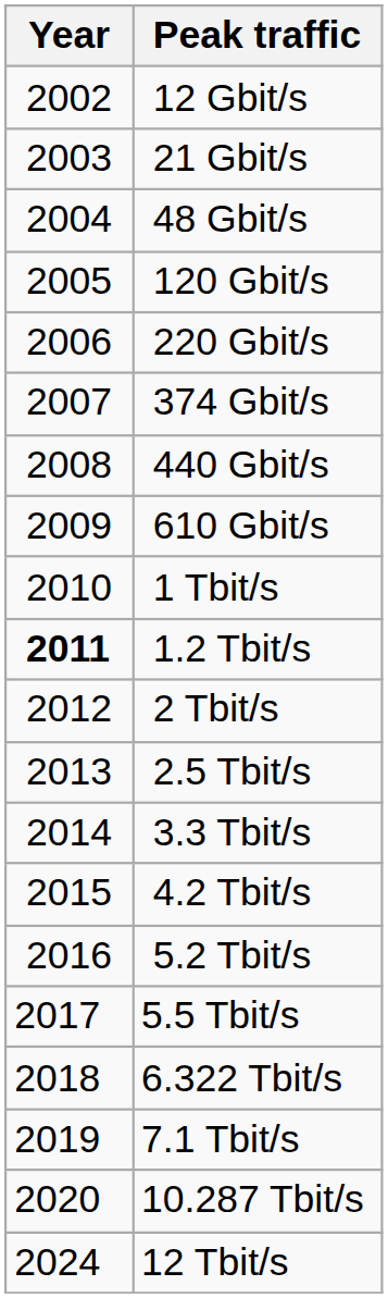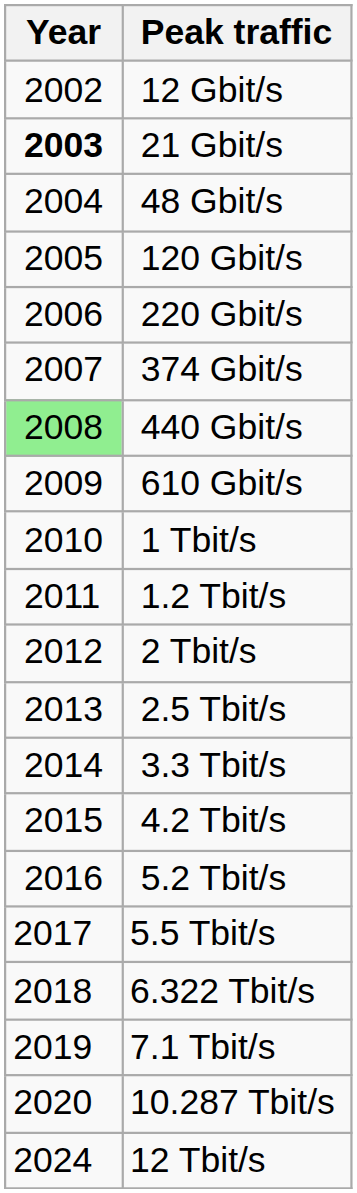 <table class="wikitable">
 <tr>
 <th style="padding-left: 0.5em; padding-right: 0.5em;">Year</th>
 <th style="padding-left: 0.5em; padding-right: 0.5em;">Peak traffic</th>
 </tr>
 <tr>
 <td style="padding-left: 0.5em; padding-right: 0.5em;">2002</td>
 <td style="padding-left: 0.5em; padding-right: 0.5em;">12 Gbit/s</td>
 </tr>
 <tr>
-<td style="padding-left: 0.5em; padding-right: 0.5em;">2003</td>
+<td style="padding-left: 0.5em; padding-right: 0.5em;"><strong>2003</strong></td>
 <td style="padding-left: 0.5em; padding-right: 0.5em;">21 Gbit/s</td>
 </tr>
 <tr>
 <td style="padding-left: 0.5em; padding-right: 0.5em;">2004</td>
 <td style="padding-left: 0.5em; padding-right: 0.5em;">48 Gbit/s</td>
 </tr>
 <tr>
 <td style="padding-left: 0.5em; padding-right: 0.5em;">2005</td>
 <td style="padding-left: 0.5em; padding-right: 0.5em;">120 Gbit/s</td>
 </tr>
 <tr>
 <td style="padding-left: 0.5em; padding-right: 0.5em;">2006</td>
 <td style="padding-left: 0.5em; padding-right: 0.5em;">220 Gbit/s</td>
 </tr>
 <tr>
 <td style="padding-left: 0.5em; padding-right: 0.5em;">2007</td>
 <td style="padding-left: 0.5em; padding-right: 0.5em;">374 Gbit/s</td>
 </tr>
 <tr>
-<td style="padding-left: 0.5em; padding-right: 0.5em;">2008</td>
+<td style="background: lightgreen; padding-left: 0.5em; padding-right: 0.5em;">2008</td>
 <td style="padding-left: 0.5em; padding-right: 0.5em;">440 Gbit/s</td>
 </tr>
 <tr>
 <td style="padding-left: 0.5em; padding-right: 0.5em;">2009</td>
 <td style="padding-left: 0.5em; padding-right: 0.5em;">610 Gbit/s</td>
 </tr>
 <tr>
 <td style="padding-left: 0.5em; padding-right: 0.5em;">2010</td>
 <td style="padding-left: 0.5em; padding-right: 0.5em;">1 Tbit/s</td>
 </tr>
 <tr>
-<td style="padding-left: 0.5em; padding-right: 0.5em;"><strong>2011</strong></td>
+<td style="padding-left: 0.5em; padding-right: 0.5em;">2011</td>
 <td style="padding-left: 0.5em; padding-right: 0.5em;">1.2 Tbit/s</td>
 </tr>
 <tr>
 <td style="padding-left: 0.5em; padding-right: 0.5em;">2012</td>
 <td style="padding-left: 0.5em; padding-right: 0.5em;">2 Tbit/s</td>
 </tr>
 <tr>
 <td style="padding-left: 0.5em; padding-right: 0.5em;">2013</td>
 <td style="padding-left: 0.5em; padding-right: 0.5em;">2.5 Tbit/s</td>
 </tr>
 <tr>
 <td style="padding-left: 0.5em; padding-right: 0.5em;">2014</td>
 <td style="padding-left: 0.5em; padding-right: 0.5em;">3.3 Tbit/s</td>
 </tr>
 <tr>
 <td style="padding-left: 0.5em; padding-right: 0.5em;">2015</td>
 <td style="padding-left: 0.5em; padding-right: 0.5em;">4.2 Tbit/s</td>
 </tr>
 <tr>
 <td style="padding-left: 0.5em; padding-right: 0.5em;">2016</td>
 <td style="padding-left: 0.5em; padding-right: 0.5em;">5.2 Tbit/s</td>
 </tr>
 <tr>
 <td>2017</td>
 <td>5.5 Tbit/s</td>
 </tr>
 <tr>
 <td>2018</td>
 <td>6.322 Tbit/s</td>
 </tr>
 <tr>
 <td>2019</td>
 <td>7.1 Tbit/s</td>
 </tr>
 <tr>
 <td>2020</td>
 <td>10.287 Tbit/s</td>
 </tr>
 <tr>
 <td>2024</td>
 <td>12 Tbit/s</td>
 </tr>
 </table>
